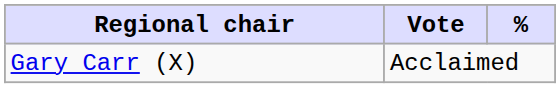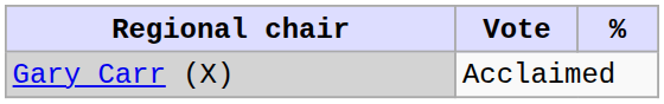 <table class="wikitable">
 <tr>
 <th style="background:#ddf; width:200px;">Regional chair</th>
 <th style="background:#ddf; width:50px;">Vote</th>
 <th style="background:#ddf; width:30px;">%</th>
 </tr>
 <tr>
-<td><a href='#'>Gary Carr</a> (X)</td>
+<td style="background: lightgrey;"><a href='#'>Gary Carr</a> (X)</td>
 <td colspan="2">Acclaimed</td>
 </tr>
 </table>
